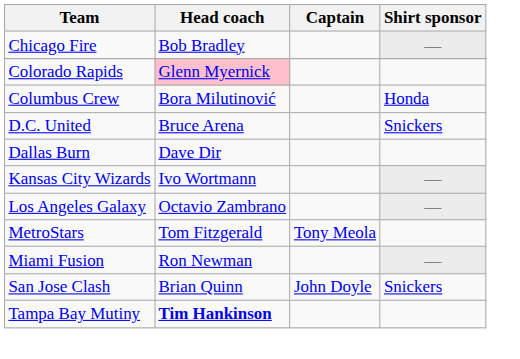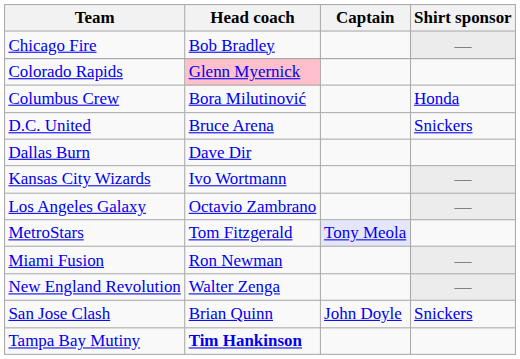 <table class="wikitable sortable" style="text-align: left;">
 <tr>
 <th>Team</th>
 <th>Head coach</th>
 <th>Captain</th>
 <th>Shirt sponsor</th>
 </tr>
 <tr>
 <td><a href='#'>Chicago Fire</a></td>
 <td> <a href='#'>Bob Bradley</a></td>
 <td></td>
 <td align="center" colspan="1" style="background:#ececec; color:gray">—</td>
 </tr>
 <tr>
 </tr>
 <tr>
 <td><a href='#'>Colorado Rapids</a></td>
 <td style="background: pink;"> <a href='#'>Glenn Myernick</a></td>
 <td></td>
 <td></td>
 </tr>
 <tr>
 <td><a href='#'>Columbus Crew</a></td>
 <td> <a href='#'>Bora Milutinović</a></td>
 <td></td>
 <td><a href='#'>Honda</a></td>
 </tr>
 <tr>
 <td><a href='#'>D.C. United</a></td>
 <td> <a href='#'>Bruce Arena</a></td>
 <td></td>
 <td><a href='#'>Snickers</a></td>
 </tr>
 <tr>
 <td><a href='#'>Dallas Burn</a></td>
 <td> <a href='#'>Dave Dir</a></td>
 <td></td>
 <td></td>
 </tr>
 <tr>
 <td><a href='#'>Kansas City Wizards</a></td>
 <td> <a href='#'>Ivo Wortmann</a></td>
 <td></td>
 <td align="center" colspan="1" style="background:#ececec; color:gray">—</td>
 </tr>
 <tr>
 <td><a href='#'>Los Angeles Galaxy</a></td>
 <td> <a href='#'>Octavio Zambrano</a></td>
 <td></td>
 <td align="center" colspan="1" style="background:#ececec; color:gray">—</td>
 </tr>
 <tr>
 <td><a href='#'>MetroStars</a></td>
 <td> <a href='#'>Tom Fitzgerald</a></td>
-<td> <a href='#'>Tony Meola</a></td>
+<td style="background: lavender;"> <a href='#'>Tony Meola</a></td>
 <td></td>
 </tr>
 <tr>
 <td><a href='#'>Miami Fusion</a></td>
 <td> <a href='#'>Ron Newman</a></td>
+<td></td>
+<td align="center" colspan="1" style="background:#ececec; color:gray">—</td>
+</tr>
+<tr>
+<td><a href='#'>New England Revolution</a></td>
+<td> <a href='#'>Walter Zenga</a></td>
 <td></td>
 <td align="center" colspan="1" style="background:#ececec; color:gray">—</td>
 </tr>
 <tr>
 <td><a href='#'>San Jose Clash</a></td>
 <td> <a href='#'>Brian Quinn</a></td>
 <td> <a href='#'>John Doyle</a></td>
 <td><a href='#'>Snickers</a></td>
 </tr>
 <tr>
 <td><a href='#'>Tampa Bay Mutiny</a></td>
 <td><strong> <a href='#'>Tim Hankinson</a></strong></td>
 <td></td>
 <td></td>
 </tr>
 </table>
